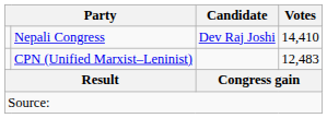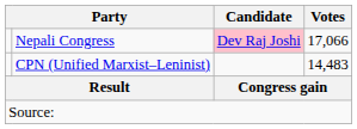 <table class="wikitable">
 <tr>
 <th colspan="2">Party</th>
 <th>Candidate</th>
 <th>Votes</th>
 </tr>
 <tr>
 <td style="background-color:"></td>
 <td><a href='#'>Nepali Congress</a></td>
-<td><a href='#'>Dev Raj Joshi</a></td>
-<td>14,410</td>
+<td style="background: pink;"><a href='#'>Dev Raj Joshi</a></td>
+<td>17,066</td>
 </tr>
 <tr>
 <td style="background-color:"></td>
 <td><a href='#'>CPN (Unified Marxist–Leninist)</a></td>
 <td></td>
-<td>12,483</td>
+<td>14,483</td>
 </tr>
 <tr>
 <th colspan="2">Result</th>
 <th colspan="2">Congress gain</th>
 </tr>
 <tr>
 <td colspan="4">Source: </td>
 </tr>
 </table>
